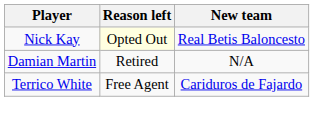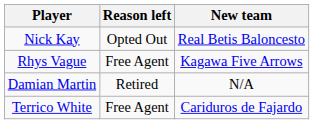 <table class="wikitable sortable sortable" style="text-align: center">
 <tr>
 <th>Player</th>
 <th>Reason left</th>
 <th>New team</th>
 </tr>
 <tr>
 <td><a href='#'>Nick Kay</a></td>
-<td style="background: lightyellow;">Opted Out</td>
+<td>Opted Out</td>
 <td><a href='#'>Real Betis Baloncesto</a></td>
+</tr>
+<tr>
+<td><a href='#'>Rhys Vague</a></td>
+<td>Free Agent</td>
+<td><a href='#'>Kagawa Five Arrows</a></td>
 </tr>
 <tr>
 <td><a href='#'>Damian Martin</a></td>
 <td>Retired</td>
 <td>N/A</td>
 </tr>
 <tr>
 <td><a href='#'>Terrico White</a></td>
 <td>Free Agent</td>
 <td><a href='#'>Cariduros de Fajardo</a></td>
 </tr>
 </table>
